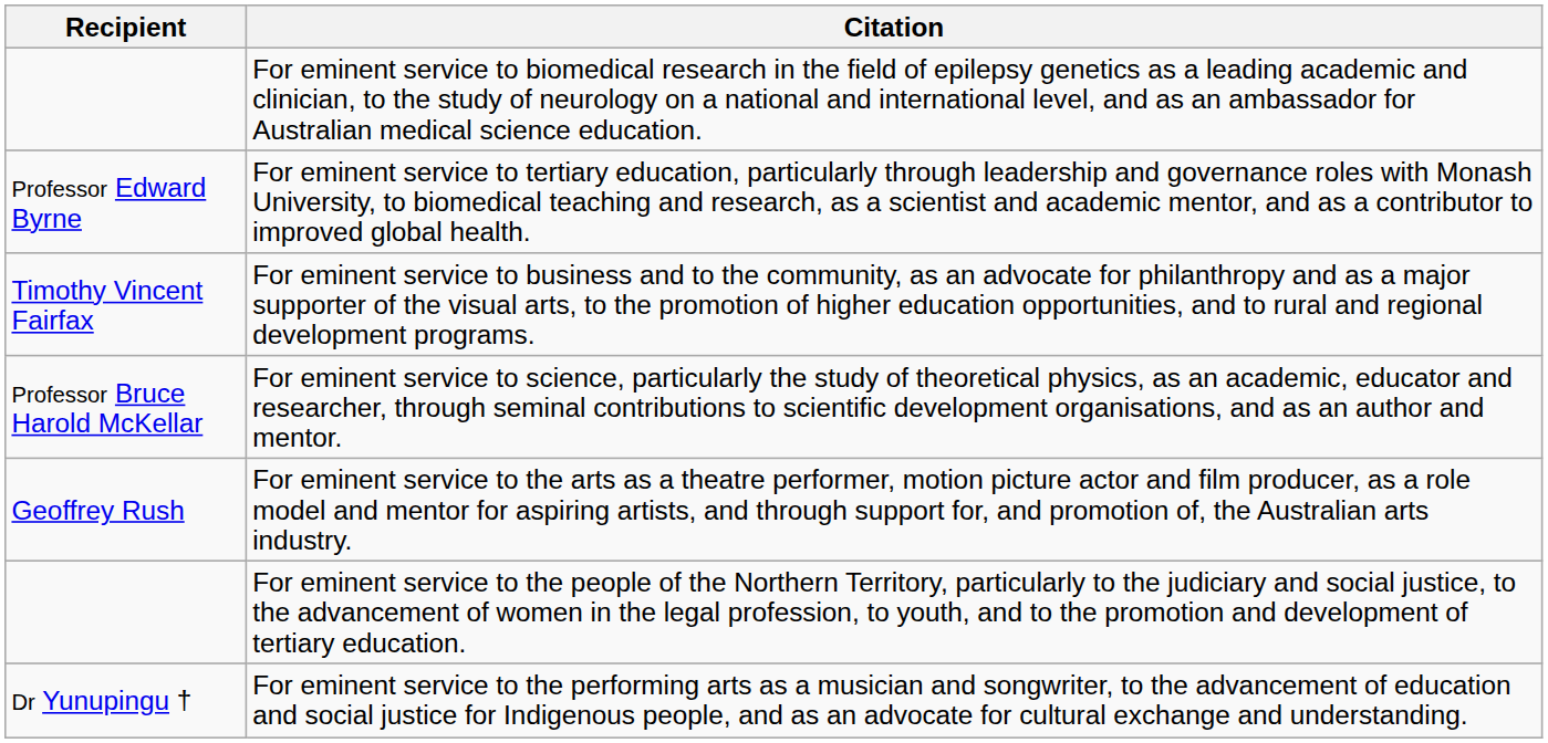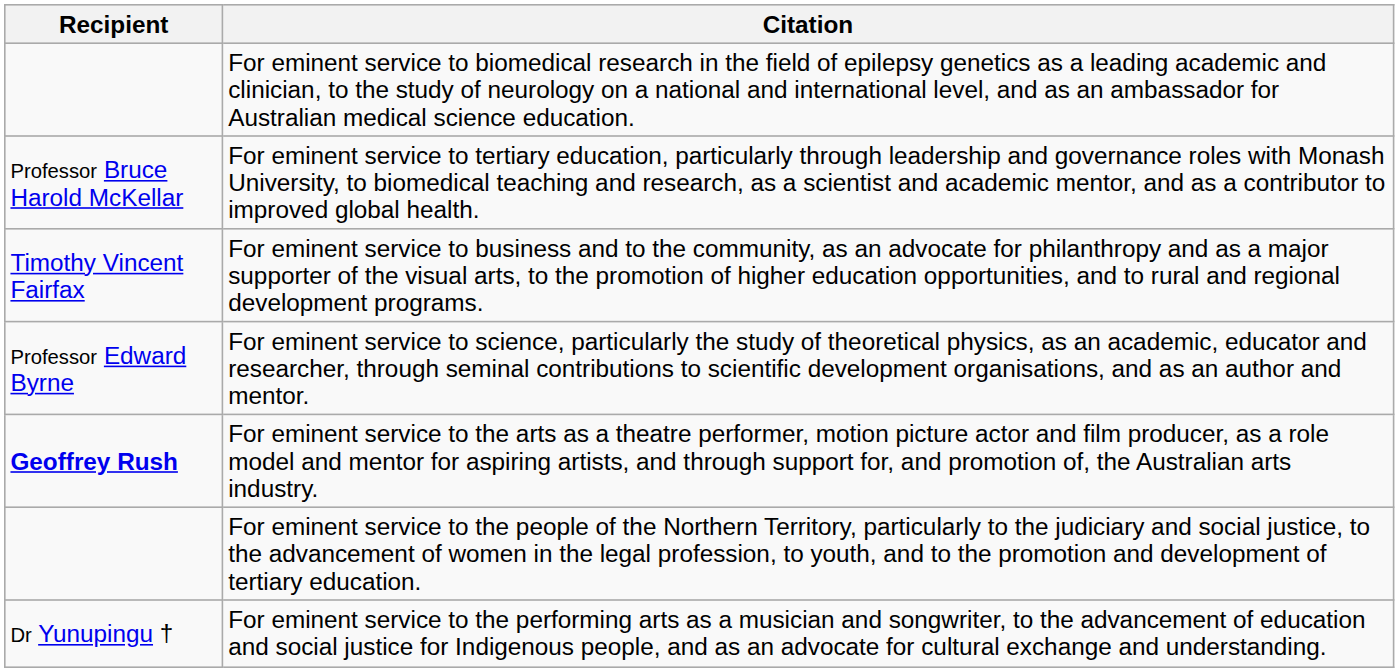 <table class="wikitable" style="font-size:95%;">
 <tr>
 <th>Recipient</th>
 <th>Citation</th>
 </tr>
 <tr>
 <td></td>
 <td>For eminent service to biomedical research in the field of epilepsy genetics as a leading academic and clinician, to the study of neurology on a national and international level, and as an ambassador for Australian medical science education.</td>
 </tr>
 <tr>
-<td><small>Professor</small> <a href='#'>Edward Byrne</a> </td>
+<td><small>Professor</small> <a href='#'>Bruce Harold McKellar</a></td>
 <td>For eminent service to tertiary education, particularly through leadership and governance roles with Monash University, to biomedical teaching and research, as a scientist and academic mentor, and as a contributor to improved global health.</td>
 </tr>
 <tr>
 <td><a href='#'>Timothy Vincent Fairfax</a> </td>
 <td>For eminent service to business and to the community, as an advocate for philanthropy and as a major supporter of the visual arts, to the promotion of higher education opportunities, and to rural and regional development programs.</td>
 </tr>
 <tr>
-<td><small>Professor</small> <a href='#'>Bruce Harold McKellar</a></td>
+<td><small>Professor</small> <a href='#'>Edward Byrne</a> </td>
 <td>For eminent service to science, particularly the study of theoretical physics, as an academic, educator and researcher, through seminal contributions to scientific development organisations, and as an author and mentor.</td>
 </tr>
 <tr>
-<td><a href='#'>Geoffrey Rush</a></td>
+<td><strong><a href='#'>Geoffrey Rush</a></strong></td>
 <td>For eminent service to the arts as a theatre performer, motion picture actor and film producer, as a role model and mentor for aspiring artists, and through support for, and promotion of, the Australian arts industry.</td>
 </tr>
 <tr>
 <td></td>
 <td>For eminent service to the people of the Northern Territory, particularly to the judiciary and social justice, to the advancement of women in the legal profession, to youth, and to the promotion and development of tertiary education.</td>
 </tr>
 <tr>
 <td><small>Dr</small> <a href='#'>Yunupingu</a> †</td>
 <td>For eminent service to the performing arts as a musician and songwriter, to the advancement of education and social justice for Indigenous people, and as an advocate for cultural exchange and understanding.</td>
 </tr>
 </table>
